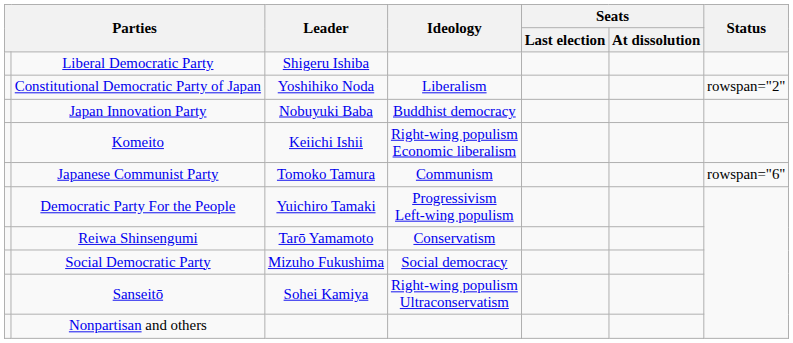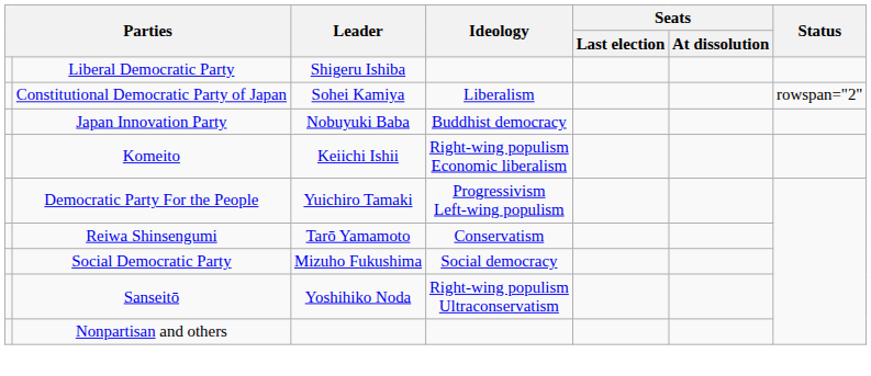 <table class="wikitable" style="text-align:center">
 <tr>
 <th colspan="2" rowspan="2">Parties</th>
 <th rowspan="2">Leader</th>
 <th rowspan="2">Ideology</th>
 <th colspan="2">Seats</th>
 <th rowspan="2">Status</th>
 </tr>
 <tr>
 <th>Last election</th>
 <th>At dissolution</th>
 </tr>
 <tr>
 <td style="background:"></td>
 <td><a href='#'>Liberal Democratic Party</a></td>
 <td><a href='#'>Shigeru Ishiba</a></td>
 <td></td>
 <td></td>
 <td></td>
 <td></td>
 </tr>
 <tr>
 <td style="background:"></td>
 <td><a href='#'>Constitutional Democratic Party of Japan</a></td>
-<td><a href='#'>Yoshihiko Noda</a></td>
+<td><a href='#'>Sohei Kamiya</a></td>
 <td><a href='#'>Liberalism</a></td>
 <td></td>
 <td></td>
 <td>rowspan="2" </td>
 </tr>
 <tr>
 <td style="background:"></td>
 <td><a href='#'>Japan Innovation Party</a></td>
 <td><a href='#'>Nobuyuki Baba</a></td>
 <td><a href='#'>Buddhist democracy</a></td>
 <td></td>
 <td></td>
 </tr>
 <tr>
 <td style="background:"></td>
 <td><a href='#'>Komeito</a></td>
 <td><a href='#'>Keiichi Ishii</a></td>
 <td><a href='#'>Right-wing populism</a><br><a href='#'>Economic liberalism</a></td>
 <td></td>
 <td></td>
 <td></td>
-</tr>
-<tr>
-<td style="background:"></td>
-<td><a href='#'>Japanese Communist Party</a></td>
-<td><a href='#'>Tomoko Tamura</a></td>
-<td><a href='#'>Communism</a></td>
-<td></td>
-<td></td>
-<td>rowspan="6" </td>
 </tr>
 <tr>
 <td style="background:"></td>
 <td><a href='#'>Democratic Party For the People</a></td>
 <td><a href='#'>Yuichiro Tamaki</a></td>
 <td><a href='#'>Progressivism</a><br><a href='#'>Left-wing populism</a></td>
 <td></td>
 <td></td>
 </tr>
 <tr>
 <td style="background:"></td>
 <td><a href='#'>Reiwa Shinsengumi</a></td>
 <td><a href='#'>Tarō Yamamoto</a></td>
 <td><a href='#'>Conservatism</a></td>
 <td></td>
 <td></td>
 </tr>
 <tr>
 <td style="background:"></td>
 <td><a href='#'>Social Democratic Party</a></td>
 <td><a href='#'>Mizuho Fukushima</a></td>
 <td><a href='#'>Social democracy</a></td>
 <td></td>
 <td></td>
 </tr>
 <tr>
 <td style="background:"></td>
 <td><a href='#'>Sanseitō</a></td>
-<td><a href='#'>Sohei Kamiya</a></td>
+<td><a href='#'>Yoshihiko Noda</a></td>
 <td><a href='#'>Right-wing populism</a><br> <a href='#'>Ultraconservatism</a></td>
 <td></td>
 <td></td>
 </tr>
 <tr>
 <td style="background:"></td>
 <td><a href='#'>Nonpartisan</a> and others</td>
 <td></td>
 <td></td>
 <td></td>
 <td></td>
 </tr>
 </table>
